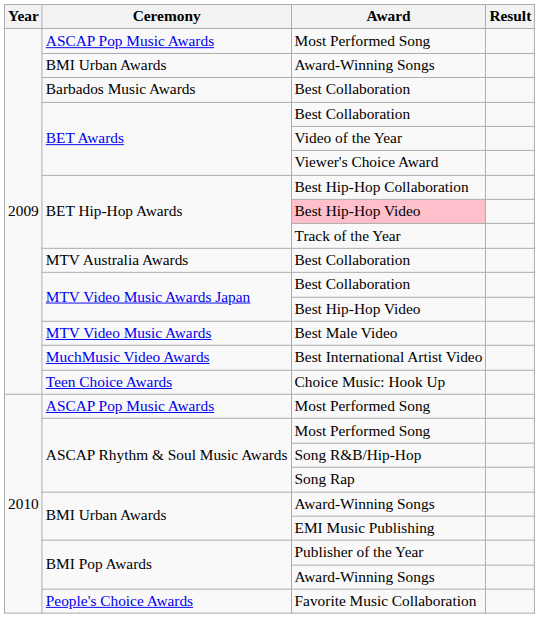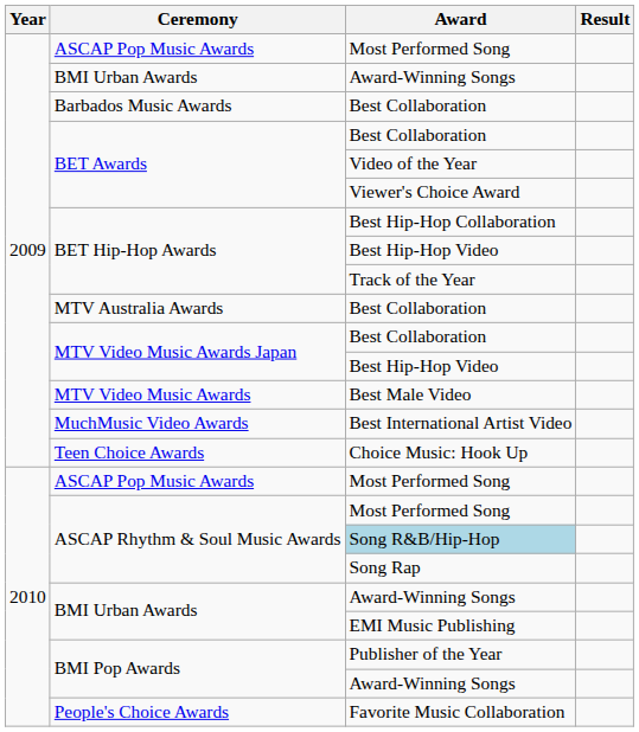 <table class="wikitable plainrowheaders">
 <tr>
 <th>Year</th>
 <th>Ceremony</th>
 <th>Award</th>
 <th>Result</th>
 </tr>
 <tr>
 <td rowspan="15">2009</td>
 <td><a href='#'>ASCAP Pop Music Awards</a></td>
 <td>Most Performed Song</td>
 <td></td>
 </tr>
 <tr>
 <td>BMI Urban Awards</td>
 <td>Award-Winning Songs</td>
 <td></td>
 </tr>
 <tr>
 <td>Barbados Music Awards</td>
 <td>Best Collaboration</td>
 <td></td>
 </tr>
 <tr>
 <td rowspan="3"><a href='#'>BET Awards</a></td>
 <td>Best Collaboration</td>
 <td></td>
 </tr>
 <tr>
 <td>Video of the Year</td>
 <td></td>
 </tr>
 <tr>
 <td>Viewer's Choice Award</td>
 <td></td>
 </tr>
 <tr>
 <td rowspan="3">BET Hip-Hop Awards</td>
 <td>Best Hip-Hop Collaboration</td>
 <td></td>
 </tr>
 <tr>
-<td style="background: pink;">Best Hip-Hop Video</td>
+<td>Best Hip-Hop Video</td>
 <td></td>
 </tr>
 <tr>
 <td>Track of the Year</td>
 <td></td>
 </tr>
 <tr>
 <td>MTV Australia Awards</td>
 <td>Best Collaboration</td>
 <td></td>
 </tr>
 <tr>
 <td rowspan="2"><a href='#'>MTV Video Music Awards Japan</a></td>
 <td>Best Collaboration</td>
 <td></td>
 </tr>
 <tr>
 <td>Best Hip-Hop Video</td>
 <td></td>
 </tr>
 <tr>
 <td><a href='#'>MTV Video Music Awards</a></td>
 <td>Best Male Video</td>
 <td></td>
 </tr>
 <tr>
 <td><a href='#'>MuchMusic Video Awards</a></td>
 <td>Best International Artist Video</td>
 <td></td>
 </tr>
 <tr>
 <td><a href='#'>Teen Choice Awards</a></td>
 <td>Choice Music: Hook Up</td>
 <td></td>
 </tr>
 <tr>
 <td rowspan="9">2010</td>
 <td><a href='#'>ASCAP Pop Music Awards</a></td>
 <td>Most Performed Song</td>
 <td></td>
 </tr>
 <tr>
 <td rowspan="3">ASCAP Rhythm & Soul Music Awards</td>
 <td>Most Performed Song</td>
 <td></td>
 </tr>
 <tr>
-<td>Song R&B/Hip-Hop</td>
+<td style="background: lightblue;">Song R&B/Hip-Hop</td>
 <td></td>
 </tr>
 <tr>
 <td>Song Rap</td>
 <td></td>
 </tr>
 <tr>
 <td rowspan="2">BMI Urban Awards</td>
 <td>Award-Winning Songs</td>
 <td></td>
 </tr>
 <tr>
 <td>EMI Music Publishing</td>
 <td></td>
 </tr>
 <tr>
 <td rowspan="2">BMI Pop Awards</td>
 <td>Publisher of the Year</td>
 <td></td>
 </tr>
 <tr>
 <td>Award-Winning Songs</td>
 <td></td>
 </tr>
 <tr>
 <td><a href='#'>People's Choice Awards</a></td>
 <td>Favorite Music Collaboration</td>
 <td></td>
 </tr>
 </table>
